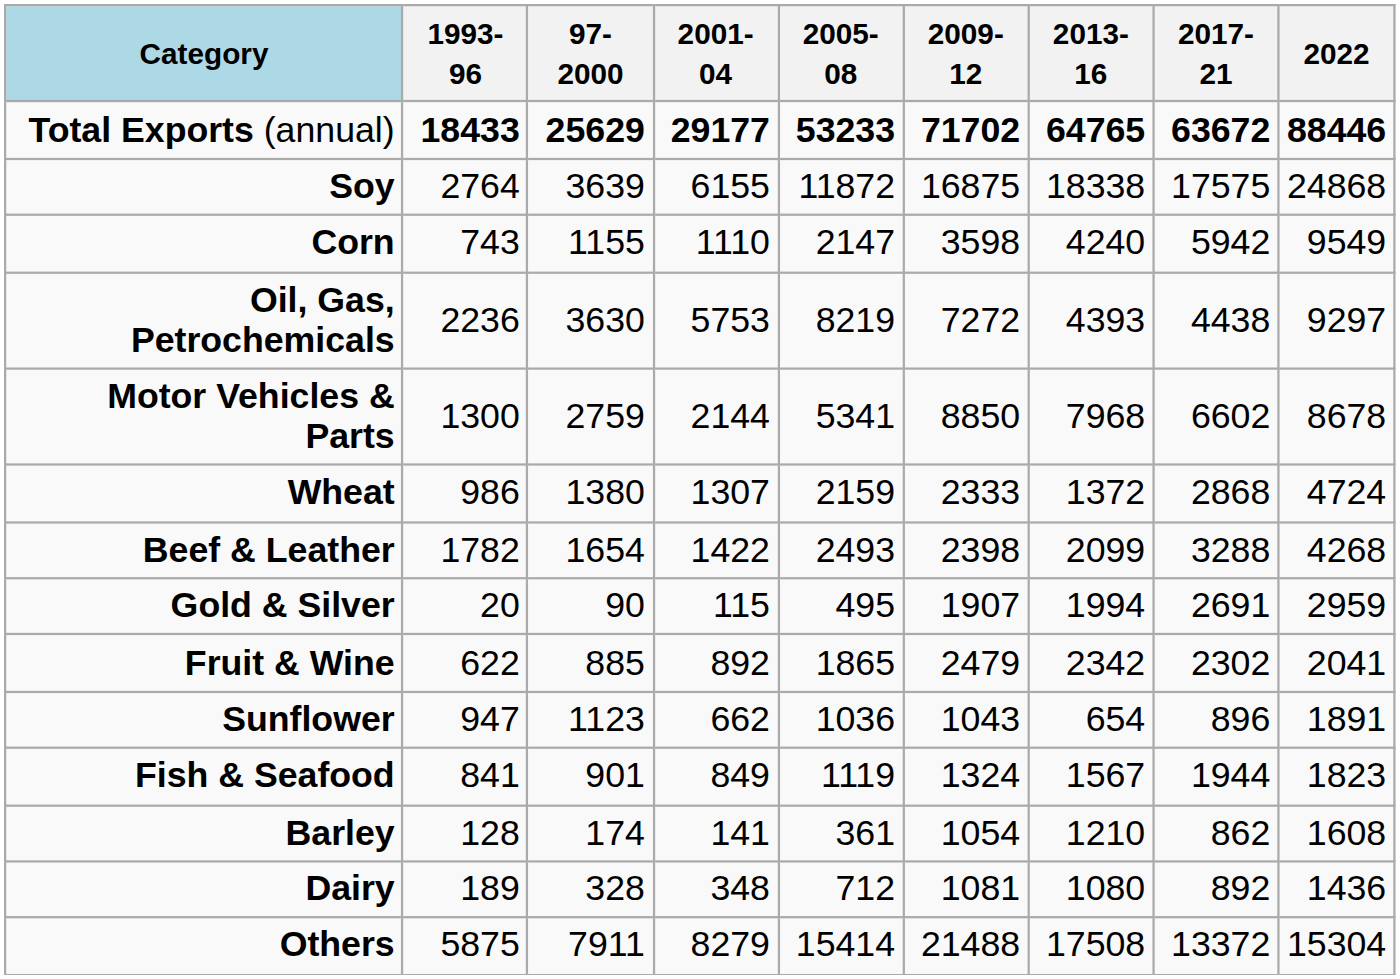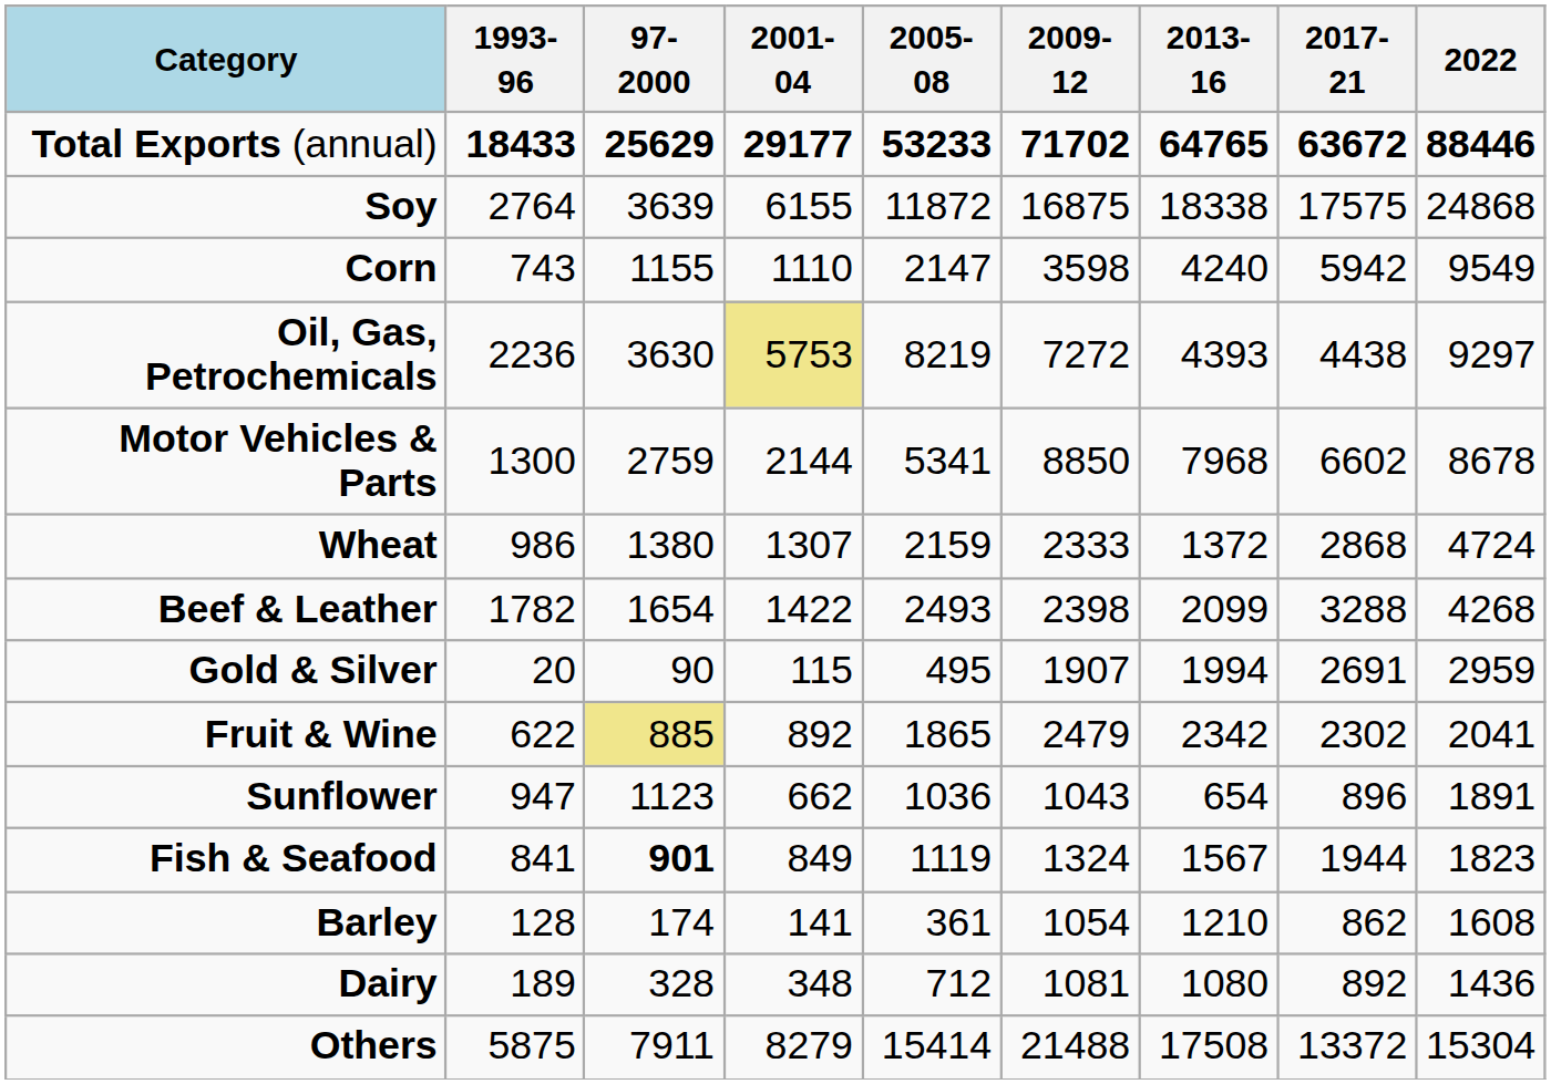 <table class="wikitable sortable" style="text-align:right" width="100%">
 <tr>
 <th style=background:lightblue><small>Category</small></th>
 <th><small>1993-96</small></th>
 <th><small>97-2000</small></th>
 <th><small>2001-04</small></th>
 <th><small>2005-08</small></th>
 <th><small>2009-12</small></th>
 <th><small>2013-16</small></th>
 <th><small>2017-21</small></th>
 <th><small>2022</small></th>
 </tr>
 <tr align=right>
 <td><strong>Total Exports</strong> (annual)</td>
 <td><strong>18433</strong></td>
 <td><strong>25629</strong></td>
 <td><strong>29177</strong></td>
 <td><strong>53233</strong></td>
 <td><strong>71702</strong></td>
 <td><strong>64765</strong></td>
 <td><strong>63672</strong></td>
 <td><strong>88446</strong></td>
 </tr>
 <tr align=right>
 <td><strong>Soy</strong></td>
 <td>2764</td>
 <td>3639</td>
 <td>6155</td>
 <td>11872</td>
 <td>16875</td>
 <td>18338</td>
 <td>17575</td>
 <td>24868</td>
 </tr>
 <tr align=right>
 <td><strong>Corn</strong></td>
 <td>743</td>
 <td>1155</td>
 <td>1110</td>
 <td>2147</td>
 <td>3598</td>
 <td>4240</td>
 <td>5942</td>
 <td>9549</td>
 </tr>
 <tr align=right>
 <td><strong>Oil, Gas,<br>Petrochemicals</strong></td>
 <td>2236</td>
 <td>3630</td>
-<td>5753</td>
+<td style="background: khaki;">5753</td>
 <td>8219</td>
 <td>7272</td>
 <td>4393</td>
 <td>4438</td>
 <td>9297</td>
 </tr>
 <tr align=right>
 <td><strong>Motor Vehicles & Parts</strong></td>
 <td>1300</td>
 <td>2759</td>
 <td>2144</td>
 <td>5341</td>
 <td>8850</td>
 <td>7968</td>
 <td>6602</td>
 <td>8678</td>
 </tr>
 <tr align=right>
 <td><strong>Wheat</strong></td>
 <td>986</td>
 <td>1380</td>
 <td>1307</td>
 <td>2159</td>
 <td>2333</td>
 <td>1372</td>
 <td>2868</td>
 <td>4724</td>
 </tr>
 <tr align=right>
 <td><strong>Beef & Leather</strong></td>
 <td>1782</td>
 <td>1654</td>
 <td>1422</td>
 <td>2493</td>
 <td>2398</td>
 <td>2099</td>
 <td>3288</td>
 <td>4268</td>
 </tr>
 <tr align=right>
 <td><strong>Gold & Silver</strong></td>
 <td>20</td>
 <td>90</td>
 <td>115</td>
 <td>495</td>
 <td>1907</td>
 <td>1994</td>
 <td>2691</td>
 <td>2959</td>
 </tr>
 <tr align=right>
 <td><strong>Fruit & Wine</strong></td>
 <td>622</td>
-<td>885</td>
+<td style="background: khaki;">885</td>
 <td>892</td>
 <td>1865</td>
 <td>2479</td>
 <td>2342</td>
 <td>2302</td>
 <td>2041</td>
 </tr>
 <tr align=right>
 <td><strong>Sunflower</strong></td>
 <td>947</td>
 <td>1123</td>
 <td>662</td>
 <td>1036</td>
 <td>1043</td>
 <td>654</td>
 <td>896</td>
 <td>1891</td>
 </tr>
 <tr align=right>
 <td><strong>Fish & Seafood</strong></td>
 <td>841</td>
-<td>901</td>
+<td><strong>901</strong></td>
 <td>849</td>
 <td>1119</td>
 <td>1324</td>
 <td>1567</td>
 <td>1944</td>
 <td>1823</td>
 </tr>
 <tr align=right>
 <td><strong>Barley</strong></td>
 <td>128</td>
 <td>174</td>
 <td>141</td>
 <td>361</td>
 <td>1054</td>
 <td>1210</td>
 <td>862</td>
 <td>1608</td>
 </tr>
 <tr align=right>
 <td><strong>Dairy</strong></td>
 <td>189</td>
 <td>328</td>
 <td>348</td>
 <td>712</td>
 <td>1081</td>
 <td>1080</td>
 <td>892</td>
 <td>1436</td>
 </tr>
 <tr align=right>
 <td><strong>Others</strong></td>
 <td>5875</td>
 <td>7911</td>
 <td>8279</td>
 <td>15414</td>
 <td>21488</td>
 <td>17508</td>
 <td>13372</td>
 <td>15304</td>
 </tr>
 <tr align=right>
 </tr>
 </table>
